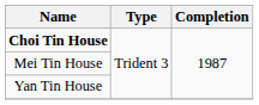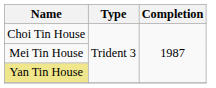 <table class="wikitable" style="text-align: center">
 <tr>
 <th>Name</th>
 <th>Type</th>
 <th>Completion</th>
 </tr>
 <tr>
-<td><strong>Choi Tin House</strong></td>
+<td>Choi Tin House</td>
 <td rowspan="3">Trident 3</td>
 <td rowspan="3">1987</td>
 </tr>
 <tr>
 <td>Mei Tin House</td>
 </tr>
 <tr>
-<td>Yan Tin House</td>
+<td style="background: khaki;">Yan Tin House</td>
 </tr>
 <tr>
 </tr>
 </table>
